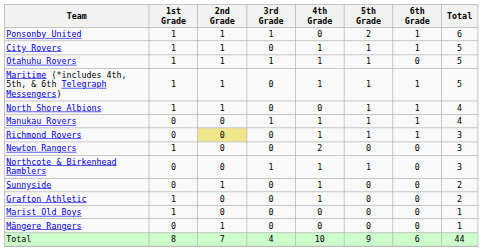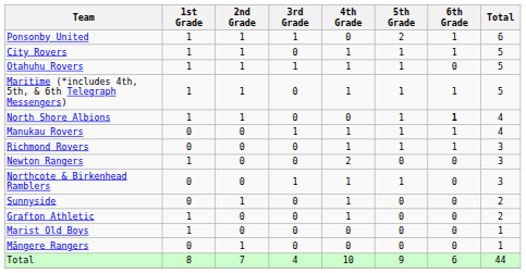 <table class="wikitable" style="text-align:center;">
 <tr>
 <th width=220>Team</th>
 <th width=70 abbr="1st Grade">1st Grade</th>
 <th width=70 abbr="2nd Grade">2nd Grade</th>
 <th width=70 abbr="3rd Grade">3rd Grade</th>
 <th width=70 abbr="4th Grade">4th Grade</th>
 <th width=70 abbr="5th Grade">5th Grade</th>
 <th width=70 abbr="6th Grade">6th Grade</th>
 <th width=50 abbr="Total">Total</th>
 </tr>
 <tr>
 <td style="text-align:left;"><a href='#'>Ponsonby United</a></td>
 <td>1</td>
 <td>1</td>
 <td>1</td>
 <td>0</td>
 <td>2</td>
 <td>1</td>
 <td>6</td>
 </tr>
 <tr>
 <td style="text-align:left;"><a href='#'>City Rovers</a></td>
 <td>1</td>
 <td>1</td>
 <td>0</td>
 <td>1</td>
 <td>1</td>
 <td>1</td>
 <td>5</td>
 </tr>
 <tr>
 <td style="text-align:left;"><a href='#'>Otahuhu Rovers</a></td>
 <td>1</td>
 <td>1</td>
 <td>1</td>
 <td>1</td>
 <td>1</td>
 <td>0</td>
 <td>5</td>
 </tr>
 <tr>
 <td style="text-align:left;"><a href='#'>Maritime</a> (*includes 4th, 5th, & 6th <a href='#'>Telegraph Messengers</a>)</td>
 <td>1</td>
 <td>1</td>
 <td>0</td>
 <td>1</td>
 <td>1</td>
 <td>1</td>
 <td>5</td>
 </tr>
 <tr>
 <td style="text-align:left;"><a href='#'>North Shore Albions</a></td>
 <td>1</td>
 <td>1</td>
 <td>0</td>
 <td>0</td>
 <td>1</td>
-<td>1</td>
+<td><strong>1</strong></td>
 <td>4</td>
 </tr>
 <tr>
 <td style="text-align:left;"><a href='#'>Manukau Rovers</a></td>
 <td>0</td>
 <td>0</td>
 <td>1</td>
 <td>1</td>
 <td>1</td>
 <td>1</td>
 <td>4</td>
 </tr>
 <tr>
 <td style="text-align:left;"><a href='#'>Richmond Rovers</a></td>
 <td>0</td>
-<td style="background: khaki;">0</td>
+<td>0</td>
 <td>0</td>
 <td>1</td>
 <td>1</td>
 <td>1</td>
 <td>3</td>
 </tr>
 <tr>
 <td style="text-align:left;"><a href='#'>Newton Rangers</a></td>
 <td>1</td>
 <td>0</td>
 <td>0</td>
 <td>2</td>
 <td>0</td>
 <td>0</td>
 <td>3</td>
 </tr>
 <tr>
 <td style="text-align:left;"><a href='#'>Northcote & Birkenhead Ramblers</a></td>
 <td>0</td>
 <td>0</td>
 <td>1</td>
 <td>1</td>
 <td>1</td>
 <td>0</td>
 <td>3</td>
 </tr>
 <tr>
 <td style="text-align:left;"><a href='#'>Sunnyside</a></td>
 <td>0</td>
 <td>1</td>
 <td>0</td>
 <td>1</td>
 <td>0</td>
 <td>0</td>
 <td>2</td>
 </tr>
 <tr>
 <td style="text-align:left;"><a href='#'>Grafton Athletic</a></td>
 <td>1</td>
 <td>0</td>
 <td>0</td>
 <td>1</td>
 <td>0</td>
 <td>0</td>
 <td>2</td>
 </tr>
 <tr>
 <td style="text-align:left;"><a href='#'>Marist Old Boys</a></td>
 <td>1</td>
 <td>0</td>
 <td>0</td>
 <td>0</td>
 <td>0</td>
 <td>0</td>
 <td>1</td>
 </tr>
 <tr>
 <td style="text-align:left;"><a href='#'>Māngere Rangers</a></td>
 <td>0</td>
 <td>1</td>
 <td>0</td>
 <td>0</td>
 <td>0</td>
 <td>0</td>
 <td>1</td>
 </tr>
 <tr style="background: #ccffcc;">
 <td style="text-align:left;">Total</td>
 <td>8</td>
 <td>7</td>
 <td>4</td>
 <td>10</td>
 <td>9</td>
 <td>6</td>
 <td>44</td>
 </tr>
 <tr>
 </tr>
 </table>
